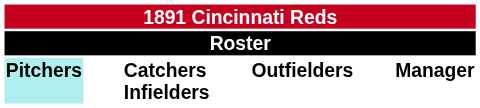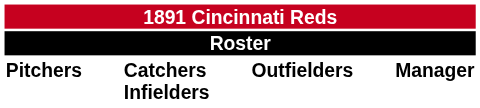 <table class="toccolours" style="font-size: 95%;">
 <tr>
 <th colspan="10" style="background-color: #c6011f; color: white; text-align: center;">1891 Cincinnati Reds</th>
 </tr>
 <tr>
 <td colspan="10" style="background-color: black; color: white; text-align: center;"><strong>Roster</strong></td>
 </tr>
 <tr>
-<td valign="top" style="background: paleturquoise;"><strong>Pitchers</strong><br>     </td>
+<td valign="top"><strong>Pitchers</strong><br>     </td>
 <td width="25px"></td>
 <td valign="top"><strong>Catchers</strong><br>  <strong>Infielders</strong>     </td>
 <td width="25px"></td>
 <td valign="top"><strong>Outfielders</strong><br>       </td>
 <td width="25px"></td>
 <td valign="top"><strong>Manager</strong><br></td>
 </tr>
 </table>
